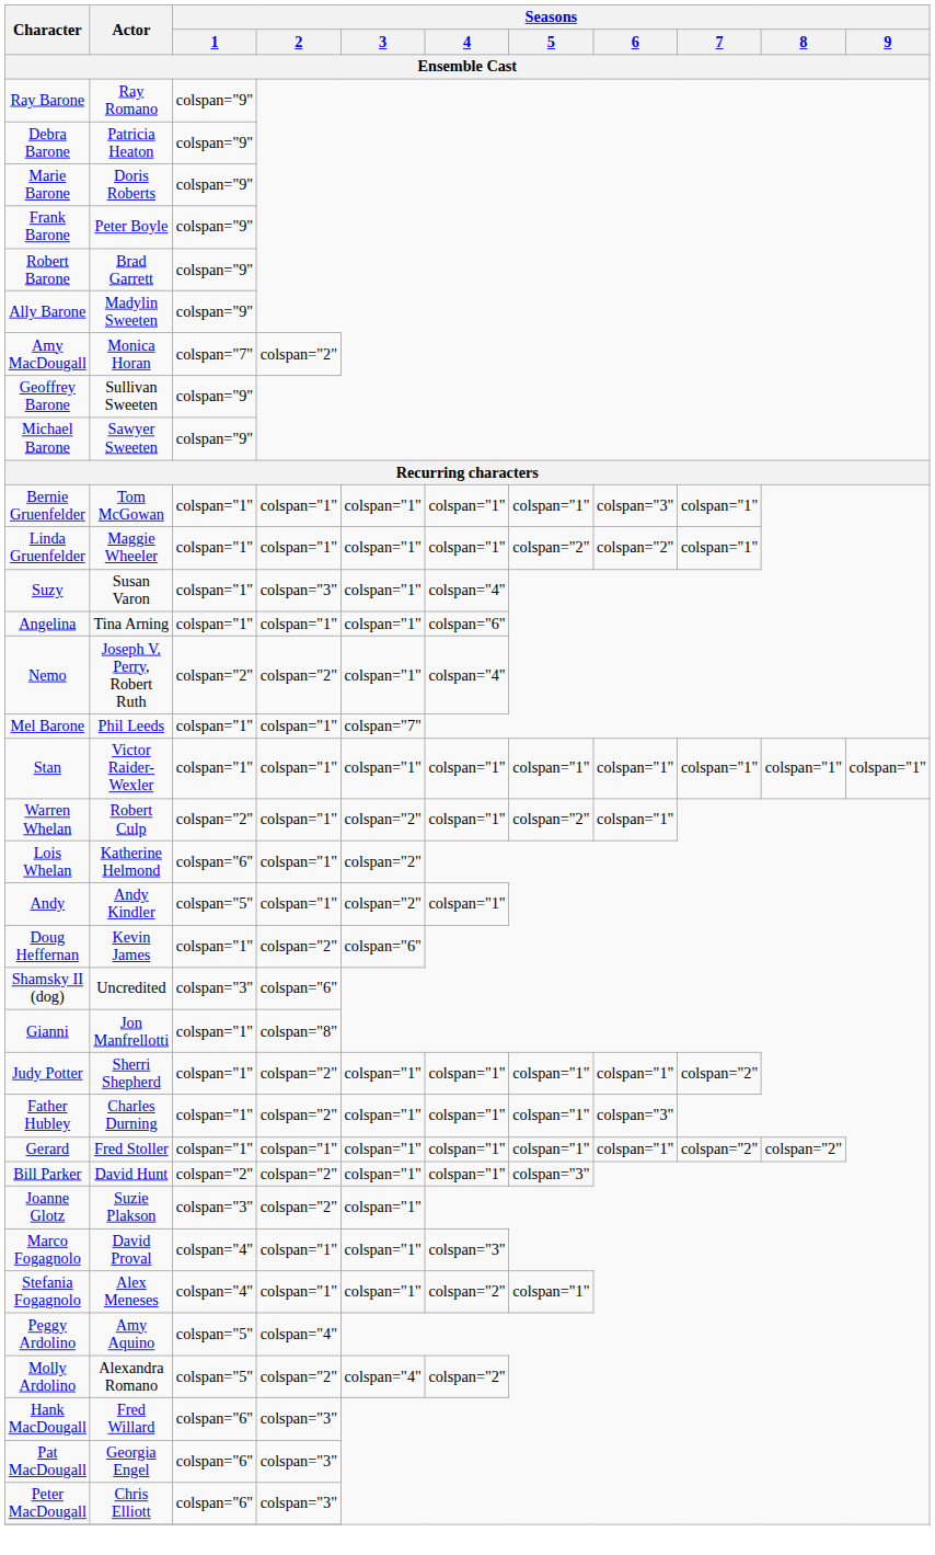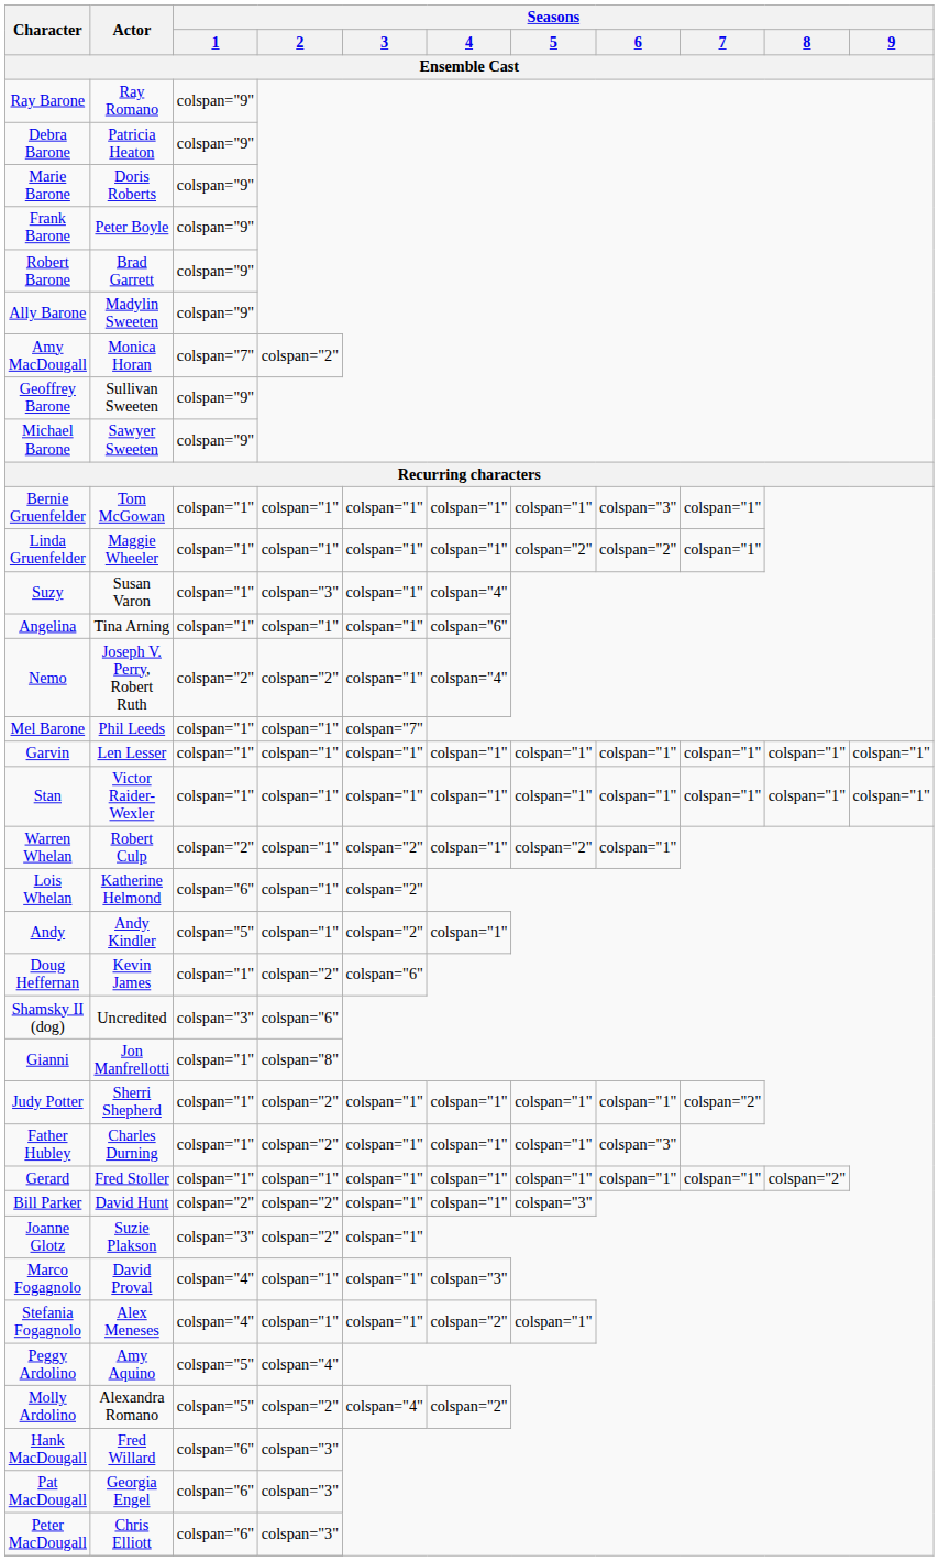 <table class="wikitable" width="100%">
 <tr>
 <th rowspan="2">Character</th>
 <th rowspan="2">Actor</th>
 <th colspan="9"><a href='#'>Seasons</a></th>
 </tr>
 <tr>
 <th style="width:7%;"><a href='#'>1</a></th>
 <th style="width:7%;"><a href='#'>2</a></th>
 <th style="width:7%;"><a href='#'>3</a></th>
 <th style="width:7%;"><a href='#'>4</a></th>
 <th style="width:7%;"><a href='#'>5</a></th>
 <th style="width:7%;"><a href='#'>6</a></th>
 <th style="width:7%;"><a href='#'>7</a></th>
 <th style="width:7%;"><a href='#'>8</a></th>
 <th style="width:7%;"><a href='#'>9</a></th>
 </tr>
 <tr>
 <th colspan="11">Ensemble Cast</th>
 </tr>
 <tr>
 <td style="text-align:center;"><a href='#'>Ray Barone</a></td>
 <td style="text-align:center;"><a href='#'>Ray Romano</a></td>
 <td>colspan="9" </td>
 </tr>
 <tr>
 <td style="text-align:center;"><a href='#'>Debra Barone</a></td>
 <td style="text-align:center;"><a href='#'>Patricia Heaton</a></td>
 <td>colspan="9" </td>
 </tr>
 <tr>
 <td style="text-align:center;"><a href='#'>Marie Barone</a></td>
 <td style="text-align:center;"><a href='#'>Doris Roberts</a></td>
 <td>colspan="9" </td>
 </tr>
 <tr>
 <td style="text-align:center;"><a href='#'>Frank Barone</a></td>
 <td style="text-align:center;"><a href='#'>Peter Boyle</a></td>
 <td>colspan="9" </td>
 </tr>
 <tr>
 <td style="text-align:center;"><a href='#'>Robert Barone</a></td>
 <td style="text-align:center;"><a href='#'>Brad Garrett</a></td>
 <td>colspan="9" </td>
 </tr>
 <tr>
 <td style="text-align:center;"><a href='#'>Ally Barone</a></td>
 <td style="text-align:center;"><a href='#'>Madylin Sweeten</a></td>
 <td>colspan="9" </td>
 </tr>
 <tr>
 <td style="text-align:center;"><a href='#'>Amy MacDougall</a></td>
 <td style="text-align:center;"><a href='#'>Monica Horan</a></td>
 <td>colspan="7" </td>
 <td>colspan="2" </td>
 </tr>
 <tr>
 <td style="text-align:center;"><a href='#'>Geoffrey Barone</a></td>
 <td style="text-align:center;">Sullivan Sweeten</td>
 <td>colspan="9" </td>
 </tr>
 <tr>
 <td style="text-align:center;"><a href='#'>Michael Barone</a></td>
 <td style="text-align:center;"><a href='#'>Sawyer Sweeten</a></td>
 <td>colspan="9" </td>
 </tr>
 <tr>
 <th colspan="11"><strong>Recurring characters</strong></th>
 </tr>
 <tr>
 <td style="text-align:center;"><a href='#'>Bernie Gruenfelder</a></td>
 <td style="text-align:center;"><a href='#'>Tom McGowan</a></td>
 <td>colspan="1" </td>
 <td>colspan="1" </td>
 <td>colspan="1" </td>
 <td>colspan="1" </td>
 <td>colspan="1" </td>
 <td>colspan="3" </td>
 <td>colspan="1" </td>
 </tr>
 <tr>
 <td style="text-align:center;"><a href='#'>Linda Gruenfelder</a></td>
 <td style="text-align:center;"><a href='#'>Maggie Wheeler</a></td>
 <td>colspan="1" </td>
 <td>colspan="1" </td>
 <td>colspan="1" </td>
 <td>colspan="1" </td>
 <td>colspan="2" </td>
 <td>colspan="2" </td>
 <td>colspan="1" </td>
 </tr>
 <tr>
 <td style="text-align:center;"><a href='#'>Suzy</a></td>
 <td style="text-align:center;">Susan Varon</td>
 <td>colspan="1" </td>
 <td>colspan="3" </td>
 <td>colspan="1" </td>
 <td>colspan="4" </td>
 </tr>
 <tr>
 <td style="text-align:center;"><a href='#'>Angelina</a></td>
 <td style="text-align:center;">Tina Arning</td>
 <td>colspan="1" </td>
 <td>colspan="1" </td>
 <td>colspan="1" </td>
 <td>colspan="6" </td>
 </tr>
 <tr>
 <td style="text-align:center;"><a href='#'>Nemo</a></td>
 <td style="text-align:center;"><a href='#'>Joseph V. Perry</a>, Robert Ruth</td>
 <td>colspan="2" </td>
 <td>colspan="2" </td>
 <td>colspan="1" </td>
 <td>colspan="4" </td>
 </tr>
 <tr>
 <td style="text-align:center;"><a href='#'>Mel Barone</a></td>
 <td style="text-align:center;"><a href='#'>Phil Leeds</a></td>
 <td>colspan="1" </td>
 <td>colspan="1" </td>
 <td>colspan="7" </td>
 </tr>
 <tr>
+<td style="text-align:center;"><a href='#'>Garvin</a></td>
+<td style="text-align:center;"><a href='#'>Len Lesser</a></td>
+<td>colspan="1" </td>
+<td>colspan="1" </td>
+<td>colspan="1" </td>
+<td>colspan="1" </td>
+<td>colspan="1" </td>
+<td>colspan="1" </td>
+<td>colspan="1" </td>
+<td>colspan="1" </td>
+<td>colspan="1" </td>
+</tr>
+<tr>
 <td style="text-align:center;"><a href='#'>Stan</a></td>
 <td style="text-align:center;"><a href='#'>Victor Raider-Wexler</a></td>
 <td>colspan="1" </td>
 <td>colspan="1" </td>
 <td>colspan="1" </td>
 <td>colspan="1" </td>
 <td>colspan="1" </td>
 <td>colspan="1" </td>
 <td>colspan="1" </td>
 <td>colspan="1" </td>
 <td>colspan="1" </td>
 </tr>
 <tr>
 <td style="text-align:center;"><a href='#'>Warren Whelan</a></td>
 <td style="text-align:center;"><a href='#'>Robert Culp</a></td>
 <td>colspan="2" </td>
 <td>colspan="1" </td>
 <td>colspan="2" </td>
 <td>colspan="1" </td>
 <td>colspan="2" </td>
 <td>colspan="1" </td>
 </tr>
 <tr>
 <td style="text-align:center;"><a href='#'>Lois Whelan</a></td>
 <td style="text-align:center;"><a href='#'>Katherine Helmond</a></td>
 <td>colspan="6" </td>
 <td>colspan="1" </td>
 <td>colspan="2" </td>
 </tr>
 <tr>
 <td style="text-align:center;"><a href='#'>Andy</a></td>
 <td style="text-align:center;"><a href='#'>Andy Kindler</a></td>
 <td>colspan="5" </td>
 <td>colspan="1" </td>
 <td>colspan="2" </td>
 <td>colspan="1" </td>
 </tr>
 <tr>
 <td style="text-align:center;"><a href='#'>Doug Heffernan</a></td>
 <td style="text-align:center;"><a href='#'>Kevin James</a></td>
 <td>colspan="1" </td>
 <td>colspan="2" </td>
 <td>colspan="6" </td>
 </tr>
 <tr>
 <td style="text-align:center;"><a href='#'>Shamsky II</a> (dog)</td>
 <td style="text-align:center;">Uncredited</td>
 <td>colspan="3" </td>
 <td>colspan="6" </td>
 </tr>
 <tr>
 <td style="text-align:center;"><a href='#'>Gianni</a></td>
 <td style="text-align:center;"><a href='#'>Jon Manfrellotti</a></td>
 <td>colspan="1" </td>
 <td>colspan="8" </td>
 </tr>
 <tr>
 <td style="text-align:center;"><a href='#'>Judy Potter</a></td>
 <td style="text-align:center;"><a href='#'>Sherri Shepherd</a></td>
 <td>colspan="1" </td>
 <td>colspan="2" </td>
 <td>colspan="1" </td>
 <td>colspan="1" </td>
 <td>colspan="1" </td>
 <td>colspan="1" </td>
 <td>colspan="2" </td>
 </tr>
 <tr>
 <td style="text-align:center;"><a href='#'>Father Hubley</a></td>
 <td style="text-align:center;"><a href='#'>Charles Durning</a></td>
 <td>colspan="1" </td>
 <td>colspan="2" </td>
 <td>colspan="1" </td>
 <td>colspan="1" </td>
 <td>colspan="1" </td>
 <td>colspan="3" </td>
 </tr>
 <tr>
 <td style="text-align:center;"><a href='#'>Gerard</a></td>
 <td style="text-align:center;"><a href='#'>Fred Stoller</a></td>
 <td>colspan="1" </td>
 <td>colspan="1" </td>
 <td>colspan="1" </td>
 <td>colspan="1" </td>
 <td>colspan="1" </td>
 <td>colspan="1" </td>
-<td>colspan="2" </td>
+<td>colspan="1" </td>
 <td>colspan="2" </td>
 </tr>
 <tr>
 <td style="text-align:center;"><a href='#'>Bill Parker</a></td>
 <td style="text-align:center;"><a href='#'>David Hunt</a></td>
 <td>colspan="2" </td>
 <td>colspan="2" </td>
 <td>colspan="1" </td>
 <td>colspan="1" </td>
 <td>colspan="3" </td>
 </tr>
 <tr>
 <td style="text-align:center;"><a href='#'>Joanne Glotz</a></td>
 <td style="text-align:center;"><a href='#'>Suzie Plakson</a></td>
 <td>colspan="3" </td>
 <td>colspan="2" </td>
 <td>colspan="1" </td>
 </tr>
 <tr>
 <td style="text-align:center;"><a href='#'>Marco Fogagnolo</a></td>
 <td style="text-align:center;"><a href='#'>David Proval</a></td>
 <td>colspan="4" </td>
 <td>colspan="1" </td>
 <td>colspan="1" </td>
 <td>colspan="3" </td>
 </tr>
 <tr>
 <td style="text-align:center;"><a href='#'>Stefania Fogagnolo</a></td>
 <td style="text-align:center;"><a href='#'>Alex Meneses</a></td>
 <td>colspan="4" </td>
 <td>colspan="1" </td>
 <td>colspan="1" </td>
 <td>colspan="2" </td>
 <td>colspan="1" </td>
 </tr>
 <tr>
 <td style="text-align:center;"><a href='#'>Peggy Ardolino</a></td>
 <td style="text-align:center;"><a href='#'>Amy Aquino</a></td>
 <td>colspan="5" </td>
 <td>colspan="4" </td>
 </tr>
 <tr>
 <td style="text-align:center;"><a href='#'>Molly Ardolino</a></td>
 <td style="text-align:center;">Alexandra Romano</td>
 <td>colspan="5" </td>
 <td>colspan="2" </td>
 <td>colspan="4" </td>
 <td>colspan="2" </td>
 </tr>
 <tr>
 <td style="text-align:center;"><a href='#'>Hank MacDougall</a></td>
 <td style="text-align:center;"><a href='#'>Fred Willard</a></td>
 <td>colspan="6" </td>
 <td>colspan="3" </td>
 </tr>
 <tr>
 <td style="text-align:center;"><a href='#'>Pat MacDougall</a></td>
 <td style="text-align:center;"><a href='#'>Georgia Engel</a></td>
 <td>colspan="6" </td>
 <td>colspan="3" </td>
 </tr>
 <tr>
 <td style="text-align:center;"><a href='#'>Peter MacDougall</a></td>
 <td style="text-align:center;"><a href='#'>Chris Elliott</a></td>
 <td>colspan="6" </td>
 <td>colspan="3" </td>
 </tr>
 <tr>
 </tr>
 </table>
